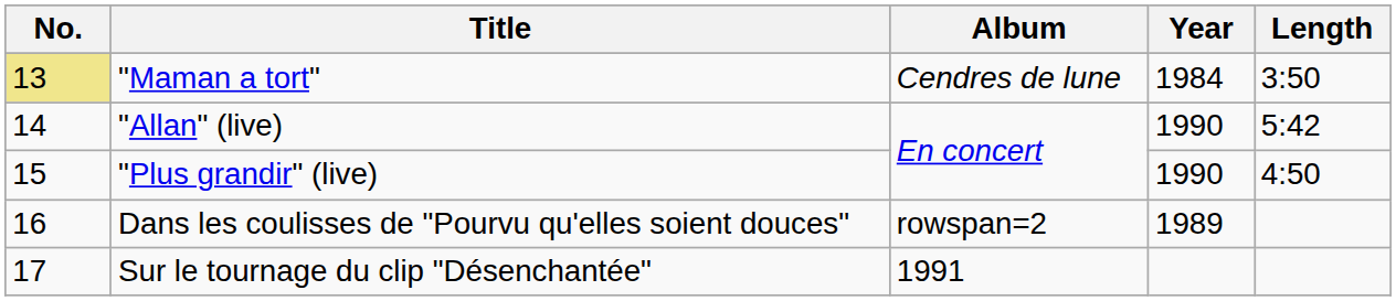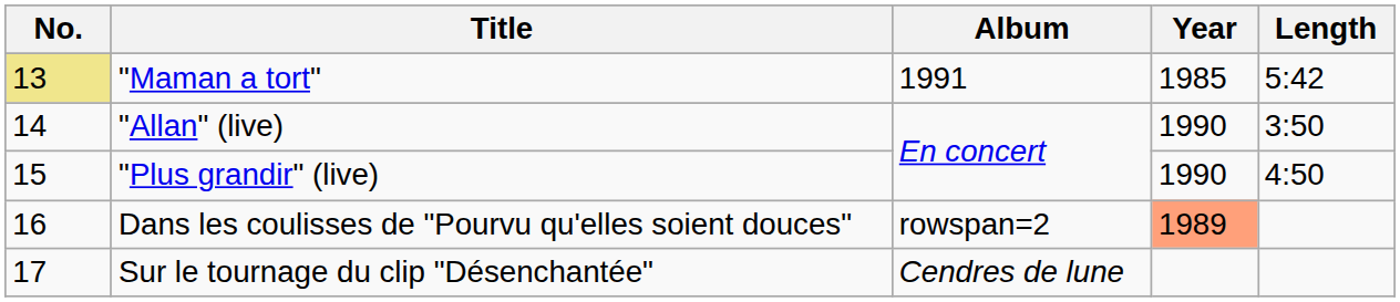 <table class="wikitable">
 <tr>
 <th style="width:3em">No.</th>
 <th style="width:25em">Title</th>
 <th style="width:8em">Album</th>
 <th style="width:3em">Year</th>
 <th style="width:4em">Length</th>
 </tr>
 <tr>
 <td style="background: khaki;">13</td>
 <td>"<a href='#'>Maman a tort</a>"</td>
-<td><em>Cendres de lune</em></td>
-<td>1984</td>
-<td>3:50</td>
+<td>1991</td>
+<td>1985</td>
+<td>5:42</td>
 </tr>
 <tr>
 <td>14</td>
 <td>"<a href='#'>Allan</a>" (live)</td>
 <td rowspan=2><em><a href='#'>En concert</a></em></td>
 <td>1990</td>
-<td>5:42</td>
+<td>3:50</td>
 </tr>
 <tr>
 <td>15</td>
 <td>"<a href='#'>Plus grandir</a>" (live)</td>
 <td>1990</td>
 <td>4:50</td>
 </tr>
 <tr>
 <td>16</td>
 <td>Dans les coulisses de "Pourvu qu'elles soient douces"</td>
 <td>rowspan=2 </td>
-<td>1989</td>
+<td style="background: lightsalmon;">1989</td>
 <td></td>
 </tr>
 <tr>
 <td>17</td>
 <td>Sur le tournage du clip "Désenchantée"</td>
-<td>1991</td>
+<td><em>Cendres de lune</em></td>
 <td></td>
 </tr>
 </table>
